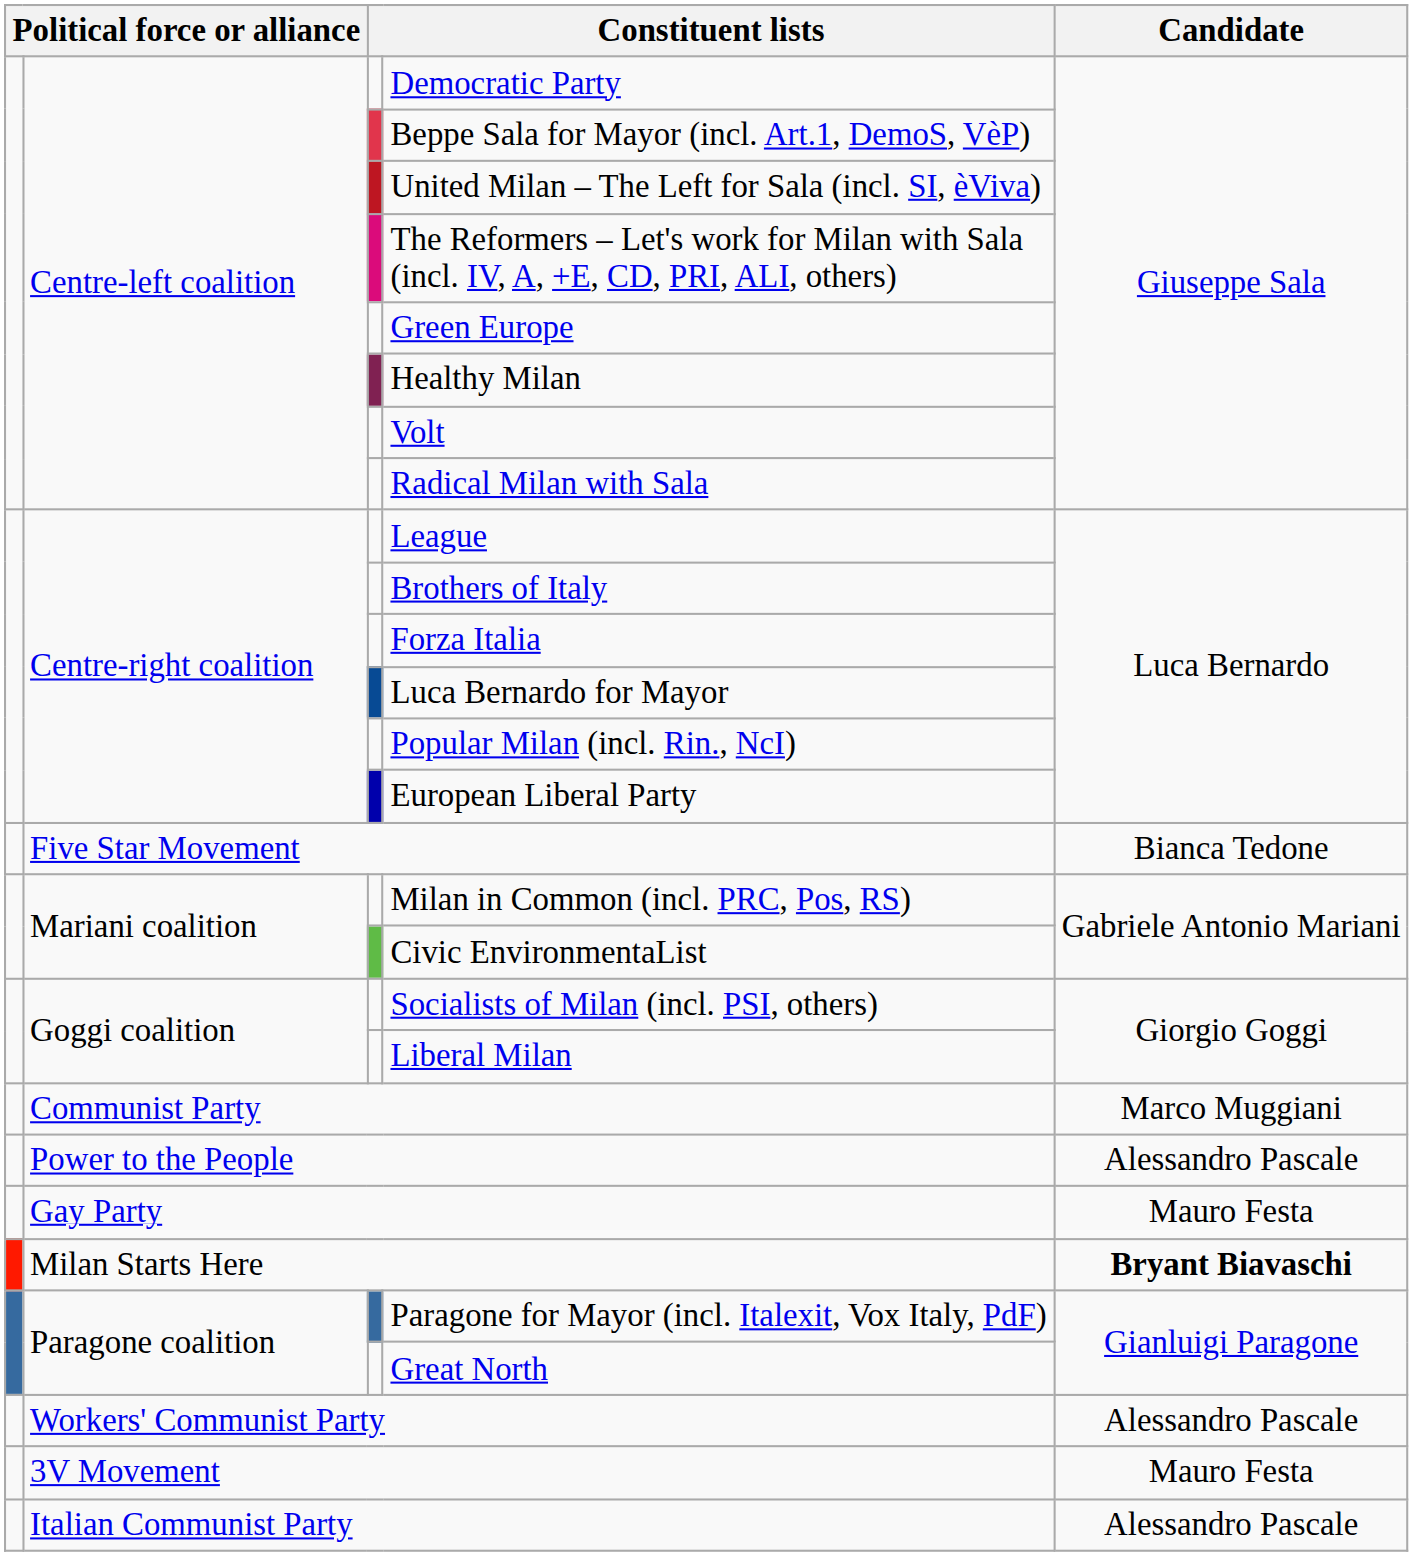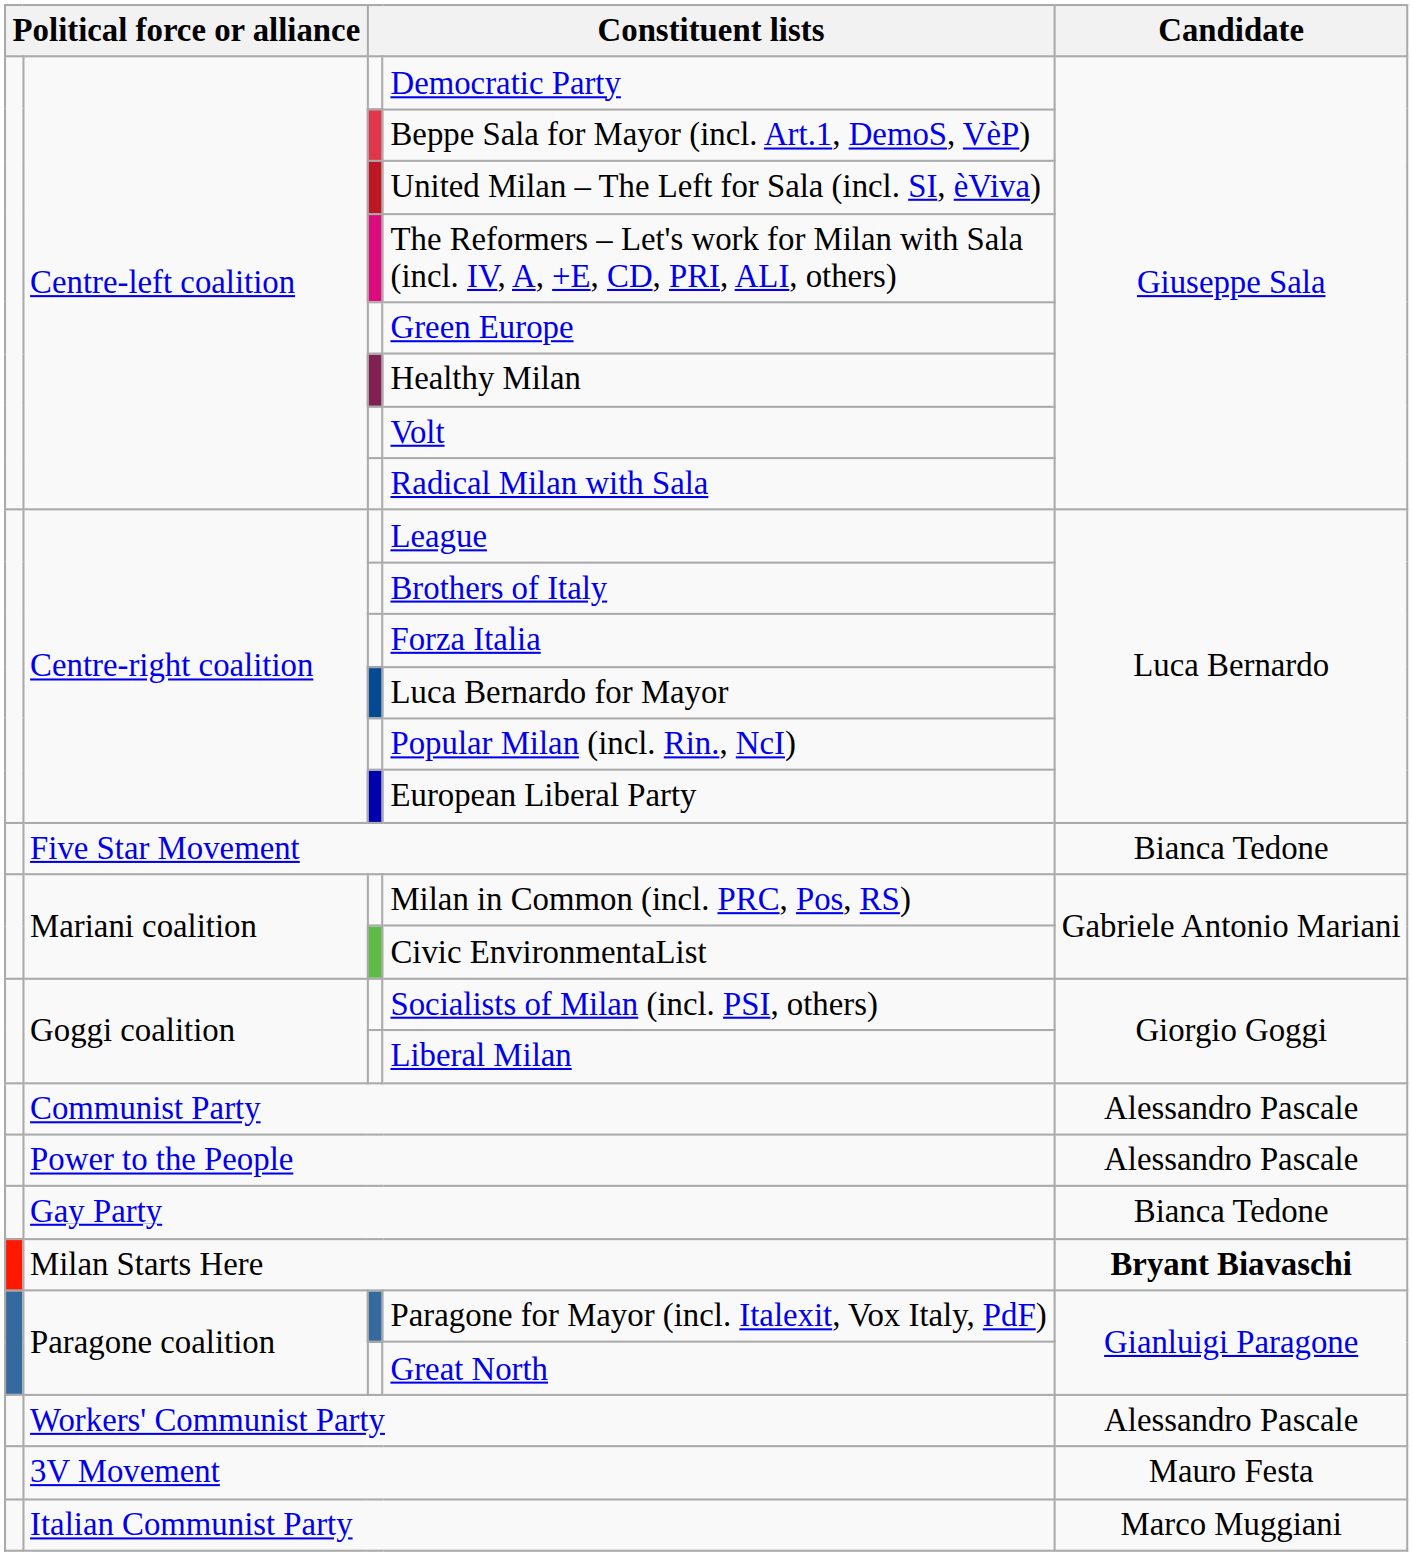 <table class=wikitable style=text-align:left>
 <tr>
 <th colspan=2>Political force or alliance</th>
 <th colspan=2>Constituent lists</th>
 <th>Candidate</th>
 </tr>
 <tr>
 <td rowspan=8></td>
 <td rowspan=8><a href='#'>Centre-left coalition</a></td>
 <td></td>
 <td><a href='#'>Democratic Party</a></td>
 <td rowspan=8 style="text-align:center;"><a href='#'>Giuseppe Sala</a></td>
 </tr>
 <tr>
 <td bgcolor="#E1354C"></td>
 <td>Beppe Sala for Mayor (incl. <a href='#'>Art.1</a>, <a href='#'>DemoS</a>, <a href='#'>VèP</a>)</td>
 </tr>
 <tr>
 <td bgcolor="#BE1622"></td>
 <td>United Milan – The Left for Sala (incl. <a href='#'>SI</a>, <a href='#'>èViva</a>)</td>
 </tr>
 <tr>
 <td bgcolor="#DB0B7B"></td>
 <td>The Reformers – Let's work for Milan with Sala <br>(incl. <a href='#'>IV</a>, <a href='#'>A</a>, <a href='#'>+E</a>, <a href='#'>CD</a>, <a href='#'>PRI</a>, <a href='#'>ALI</a>, others)</td>
 </tr>
 <tr>
 <td></td>
 <td><a href='#'>Green Europe</a></td>
 </tr>
 <tr>
 <td bgcolor="#802152"></td>
 <td>Healthy Milan</td>
 </tr>
 <tr>
 <td></td>
 <td><a href='#'>Volt</a></td>
 </tr>
 <tr>
 <td></td>
 <td><a href='#'>Radical Milan with Sala</a></td>
 </tr>
 <tr>
 <td rowspan="6"></td>
 <td rowspan=6><a href='#'>Centre-right coalition</a></td>
 <td></td>
 <td><a href='#'>League</a></td>
 <td rowspan="6" style="text-align:center;">Luca Bernardo</td>
 </tr>
 <tr>
 <td></td>
 <td><a href='#'>Brothers of Italy</a></td>
 </tr>
 <tr>
 <td></td>
 <td><a href='#'>Forza Italia</a></td>
 </tr>
 <tr>
 <td bgcolor="#074A94"></td>
 <td>Luca Bernardo for Mayor</td>
 </tr>
 <tr>
 <td></td>
 <td><a href='#'>Popular Milan</a> (incl. <a href='#'>Rin.</a>, <a href='#'>NcI</a>)</td>
 </tr>
 <tr>
 <td bgcolor="#0000AC"></td>
 <td>European Liberal Party</td>
 </tr>
 <tr>
 <td></td>
 <td colspan=3 style="text-align:left;"><a href='#'>Five Star Movement</a></td>
 <td style="text-align:center;">Bianca Tedone</td>
 </tr>
 <tr>
 <td rowspan="2"></td>
 <td rowspan="2" style="text-align:left;">Mariani coalition</td>
 <td></td>
 <td>Milan in Common (incl. <a href='#'>PRC</a>, <a href='#'>Pos</a>, <a href='#'>RS</a>)</td>
 <td rowspan="2" style="text-align:center;">Gabriele Antonio Mariani</td>
 </tr>
 <tr>
 <td bgcolor="#5FBB46"></td>
 <td>Civic EnvironmentaList</td>
 </tr>
 <tr>
 <td rowspan="2"></td>
 <td rowspan="2" style="text-align:left;">Goggi coalition</td>
 <td></td>
 <td><a href='#'>Socialists of Milan</a> (incl. <a href='#'>PSI</a>, others)</td>
 <td rowspan="2" style="text-align:center;">Giorgio Goggi</td>
 </tr>
 <tr>
 <td></td>
 <td><a href='#'>Liberal Milan</a></td>
 </tr>
 <tr>
 <td></td>
 <td colspan="3" style="text-align:left;"><a href='#'>Communist Party</a></td>
-<td style="text-align:center;">Marco Muggiani</td>
+<td style="text-align:center;">Alessandro Pascale</td>
 </tr>
 <tr>
 <td></td>
 <td colspan="3"><a href='#'>Power to the People</a></td>
 <td style="text-align:center;">Alessandro Pascale</td>
 </tr>
 <tr>
 <td></td>
 <td colspan="3"><a href='#'>Gay Party</a></td>
-<td style="text-align:center;">Mauro Festa</td>
+<td style="text-align:center;">Bianca Tedone</td>
 </tr>
 <tr>
 <td bgcolor="#FF1900"></td>
 <td colspan="3" style="text-align:left;">Milan Starts Here</td>
 <td style="text-align:center;"><strong>Bryant Biavaschi</strong></td>
 </tr>
 <tr>
 <td rowspan="2" bgcolor="#366A9F"></td>
 <td rowspan="2" style="text-align:left;">Paragone coalition</td>
 <td bgcolor="#366A9F"></td>
 <td>Paragone for Mayor (incl. <a href='#'>Italexit</a>, Vox Italy, <a href='#'>PdF</a>)</td>
 <td rowspan="2" style="text-align:center;"><a href='#'>Gianluigi Paragone</a></td>
 </tr>
 <tr>
 <td></td>
 <td><a href='#'>Great North</a></td>
 </tr>
 <tr>
 <td></td>
 <td colspan="3" style="text-align:left;"><a href='#'>Workers' Communist Party</a></td>
 <td style="text-align:center;">Alessandro Pascale</td>
 </tr>
 <tr>
 <td></td>
 <td colspan="3"><a href='#'>3V Movement</a></td>
 <td style="text-align:center;">Mauro Festa</td>
 </tr>
 <tr>
 <td></td>
 <td colspan="3"><a href='#'>Italian Communist Party</a></td>
-<td style="text-align:center;">Alessandro Pascale</td>
+<td style="text-align:center;">Marco Muggiani</td>
 </tr>
 </table>
